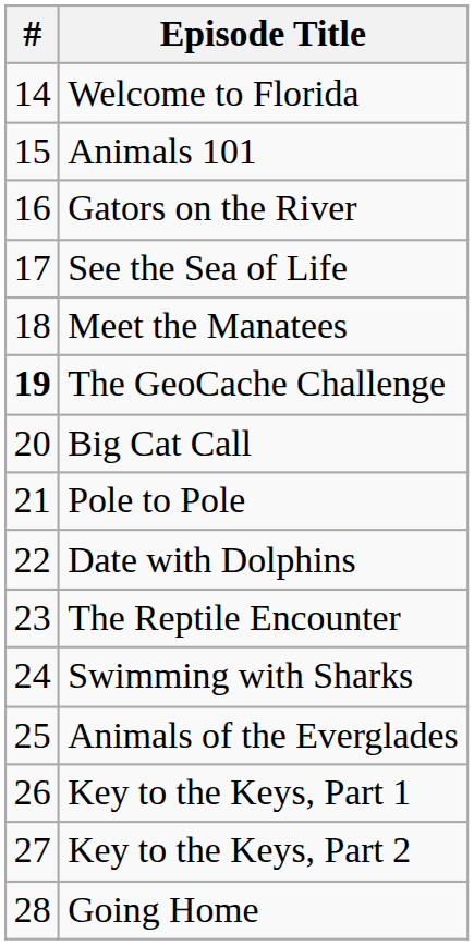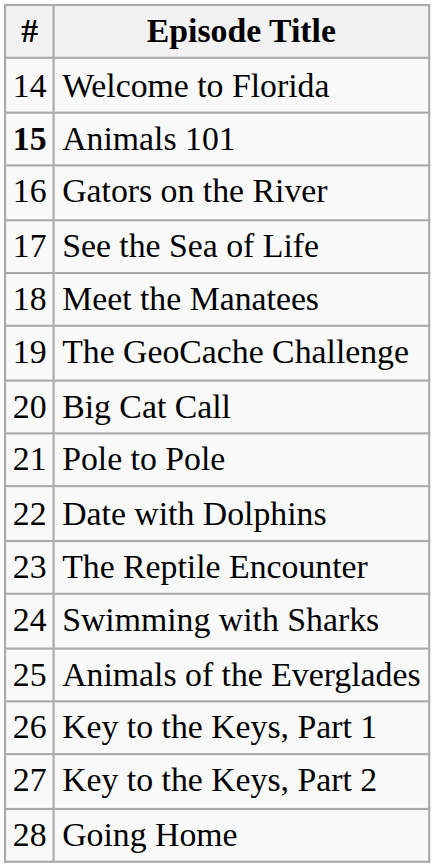 <table class="wikitable">
 <tr>
 <th>#</th>
 <th>Episode Title</th>
 </tr>
 <tr>
 <td>14</td>
 <td>Welcome to Florida</td>
 </tr>
 <tr>
-<td>15</td>
+<td><strong>15</strong></td>
 <td>Animals 101</td>
 </tr>
 <tr>
 <td>16</td>
 <td>Gators on the River</td>
 </tr>
 <tr>
 <td>17</td>
 <td>See the Sea of Life</td>
 </tr>
 <tr>
 <td>18</td>
 <td>Meet the Manatees</td>
 </tr>
 <tr>
-<td><strong>19</strong></td>
+<td>19</td>
 <td>The GeoCache Challenge</td>
 </tr>
 <tr>
 <td>20</td>
 <td>Big Cat Call</td>
 </tr>
 <tr>
 <td>21</td>
 <td>Pole to Pole</td>
 </tr>
 <tr>
 <td>22</td>
 <td>Date with Dolphins</td>
 </tr>
 <tr>
 <td>23</td>
 <td>The Reptile Encounter</td>
 </tr>
 <tr>
 <td>24</td>
 <td>Swimming with Sharks</td>
 </tr>
 <tr>
 <td>25</td>
 <td>Animals of the Everglades</td>
 </tr>
 <tr>
 <td>26</td>
 <td>Key to the Keys, Part 1</td>
 </tr>
 <tr>
 <td>27</td>
 <td>Key to the Keys, Part 2</td>
 </tr>
 <tr>
 <td>28</td>
 <td>Going Home</td>
 </tr>
 </table>
